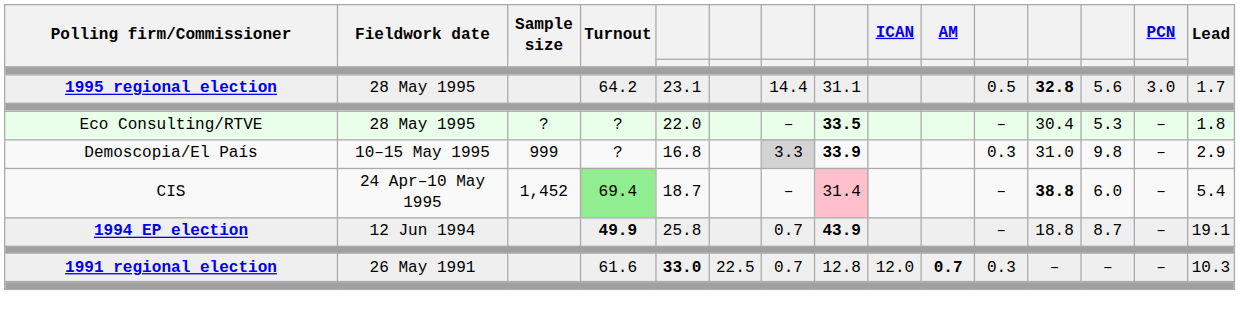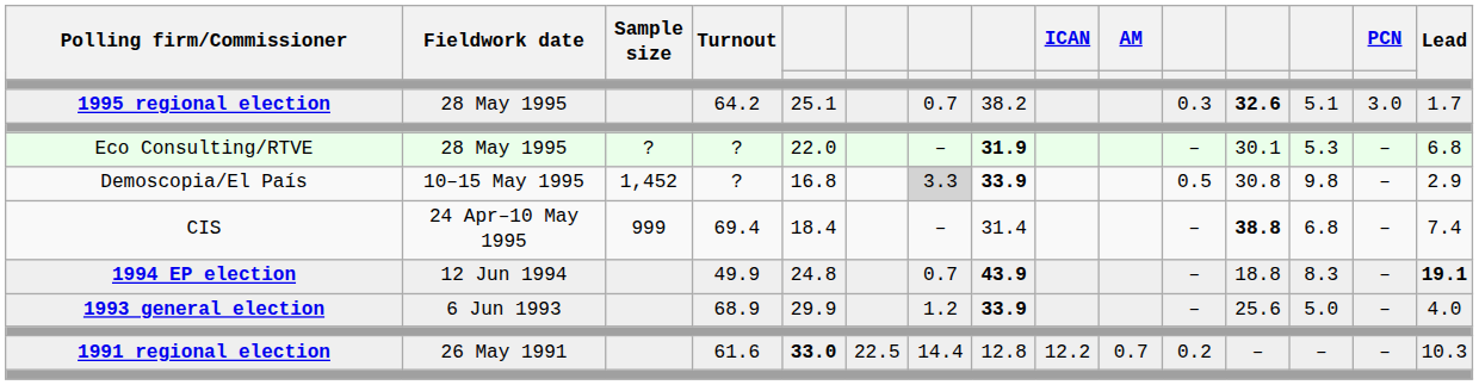 <table class="wikitable collapsible collapsed" style="text-align:center; font-size:95%; line-height:16px;">
 <tr style="height:42px;">
 <th style="width:250px;" rowspan="2">Polling firm/Commissioner</th>
 <th style="width:125px;" rowspan="2">Fieldwork date</th>
 <th style="width:50px;" rowspan="2">Sample size</th>
 <th style="width:45px;" rowspan="2">Turnout</th>
 <th style="width:35px;"></th>
 <th style="width:35px;"></th>
 <th style="width:35px;"></th>
 <th style="width:35px;"></th>
 <th style="width:35px;"><a href='#'>ICAN</a></th>
 <th style="width:35px;"><a href='#'>AM</a></th>
 <th style="width:35px;"></th>
 <th style="width:35px;"></th>
 <th style="width:35px;"></th>
 <th style="width:35px;"><a href='#'>PCN</a></th>
 <th style="width:30px;" rowspan="2">Lead</th>
 </tr>
 <tr>
 <th style="color:inherit;background:"></th>
 <th style="color:inherit;background:"></th>
 <th style="color:inherit;background:"></th>
 <th style="color:inherit;background:"></th>
 <th style="color:inherit;background:"></th>
 <th style="color:inherit;background:"></th>
 <th style="color:inherit;background:"></th>
 <th style="color:inherit;background:"></th>
 <th style="color:inherit;background:"></th>
 <th style="color:inherit;background:"></th>
 </tr>
 <tr>
 <td colspan="15" style="background:#A0A0A0"></td>
 </tr>
 <tr style="background:#EFEFEF;">
 <td><strong><a href='#'>1995 regional election</a></strong></td>
 <td>28 May 1995</td>
 <td></td>
 <td>64.2</td>
-<td>23.1<br></td>
+<td>25.1<br></td>
 <td></td>
-<td>14.4<br></td>
-<td>31.1<br></td>
+<td>0.7<br></td>
+<td>38.2<br></td>
 <td></td>
 <td></td>
-<td>0.5<br></td>
-<td><strong>32.8</strong><br></td>
-<td>5.6<br></td>
+<td>0.3<br></td>
+<td><strong>32.6</strong><br></td>
+<td>5.1<br></td>
 <td>3.0<br></td>
 <td style="background:">1.7</td>
 </tr>
 <tr>
 <td colspan="15" style="background:#A0A0A0"></td>
 </tr>
 <tr style="background:#EAFFEA;">
 <td>Eco Consulting/RTVE</td>
 <td>28 May 1995</td>
 <td>?</td>
 <td>?</td>
 <td>22.0<br></td>
 <td></td>
 <td>–</td>
-<td><strong>33.5</strong><br></td>
+<td><strong>31.9</strong><br></td>
 <td></td>
 <td></td>
 <td>–</td>
-<td>30.4<br></td>
+<td>30.1<br></td>
 <td>5.3<br></td>
 <td>–</td>
-<td style="background:">1.8</td>
+<td style="background:">6.8</td>
 </tr>
 <tr>
 <td>Demoscopia/El País</td>
 <td>10–15 May 1995</td>
-<td>999</td>
+<td>1,452</td>
 <td>?</td>
 <td>16.8<br></td>
 <td></td>
 <td style="background: lightgrey;">3.3<br></td>
 <td><strong>33.9</strong><br></td>
 <td></td>
 <td></td>
-<td>0.3<br></td>
-<td>31.0<br></td>
+<td>0.5<br></td>
+<td>30.8<br></td>
 <td>9.8<br></td>
 <td>–</td>
 <td style="background:">2.9</td>
 </tr>
 <tr>
 <td>CIS</td>
 <td>24 Apr–10 May 1995</td>
-<td>1,452</td>
-<td style="background: lightgreen;">69.4</td>
-<td>18.7</td>
+<td>999</td>
+<td>69.4</td>
+<td>18.4</td>
 <td></td>
 <td>–</td>
-<td style="background: pink;">31.4</td>
+<td>31.4</td>
 <td></td>
 <td></td>
 <td>–</td>
 <td><strong>38.8</strong></td>
-<td>6.0</td>
+<td>6.8</td>
 <td>–</td>
-<td style="background:">5.4</td>
+<td style="background:">7.4</td>
 </tr>
 <tr style="background:#EFEFEF;">
 <td><strong><a href='#'>1994 EP election</a></strong></td>
 <td>12 Jun 1994</td>
 <td></td>
-<td><strong>49.9</strong></td>
-<td>25.8</td>
+<td>49.9</td>
+<td>24.8</td>
 <td></td>
 <td>0.7</td>
 <td><strong>43.9</strong></td>
 <td></td>
 <td></td>
 <td>–</td>
 <td>18.8</td>
-<td>8.7</td>
+<td>8.3</td>
 <td>–</td>
-<td style="background:">19.1</td>
+<td style="background:"><strong>19.1</strong></td>
+</tr>
+<tr style="background:#EFEFEF;">
+<td><strong><a href='#'>1993 general election</a></strong></td>
+<td>6 Jun 1993</td>
+<td></td>
+<td>68.9</td>
+<td>29.9</td>
+<td></td>
+<td>1.2</td>
+<td><strong>33.9</strong></td>
+<td></td>
+<td></td>
+<td>–</td>
+<td>25.6</td>
+<td>5.0</td>
+<td>–</td>
+<td style="background:">4.0</td>
 </tr>
 <tr>
 <td colspan="15" style="background:#A0A0A0"></td>
 </tr>
 <tr style="background:#EFEFEF;">
 <td><strong><a href='#'>1991 regional election</a></strong></td>
 <td>26 May 1991</td>
 <td></td>
 <td>61.6</td>
 <td><strong>33.0</strong><br></td>
 <td>22.5<br></td>
+<td>14.4<br></td>
+<td>12.8<br></td>
+<td>12.2<br></td>
 <td>0.7<br></td>
-<td>12.8<br></td>
-<td>12.0<br></td>
-<td><strong>0.7<br></strong></td>
-<td>0.3<br></td>
+<td>0.2<br></td>
 <td>–</td>
 <td>–</td>
 <td>–</td>
 <td style="background:">10.3</td>
 </tr>
 <tr>
 <td colspan="15" style="background:#A0A0A0"></td>
 </tr>
 </table>
